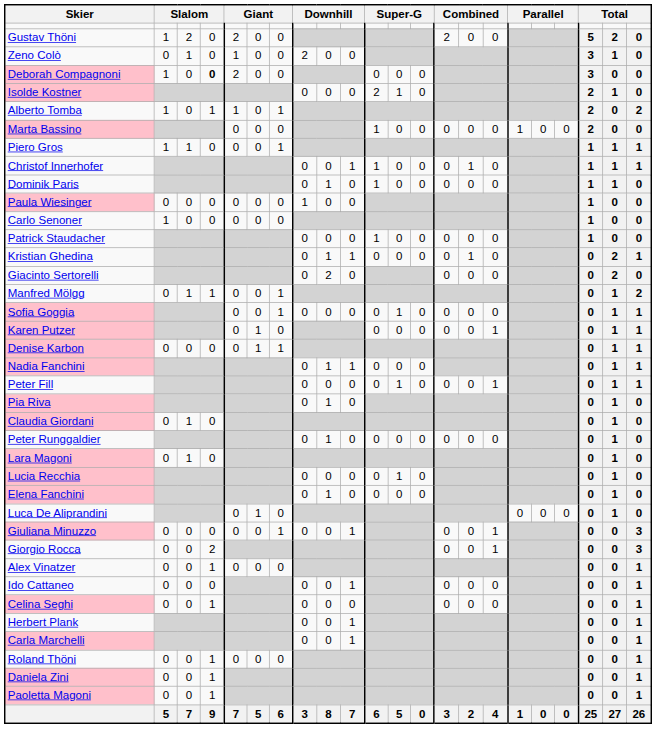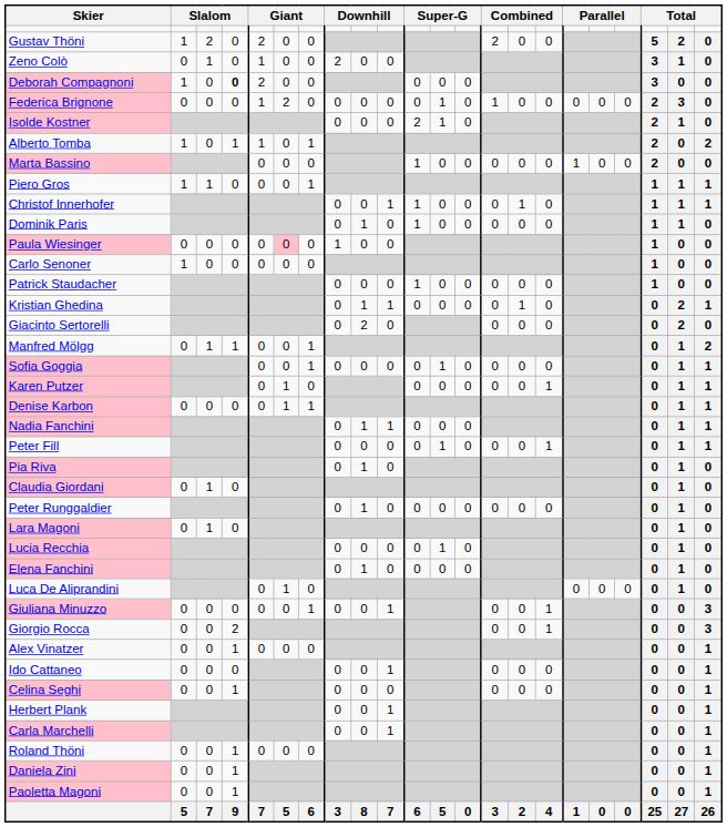 <table class="wikitable sortable" width=900px style="font-size:100%; text-align:center; border: 2px solid black">
 <tr>
 <th width=200px>Skier</th>
 <th colspan=3 width=100px>Slalom</th>
 <th colspan=3 width=100px>Giant</th>
 <th colspan=3 width=100px>Downhill</th>
 <th colspan=3 width=100px>Super-G</th>
 <th colspan=3 width=100px>Combined</th>
 <th colspan=3 width=100px>Parallel</th>
 <th colspan=3 width=100px>Total</th>
 </tr>
 <tr>
 <td></td>
 <td></td>
 <td></td>
 <td style="border-right: 2px solid black;"></td>
 <td></td>
 <td></td>
 <td style="border-right: 2px solid black;"></td>
 <td></td>
 <td></td>
 <td style="border-right: 2px solid black;"></td>
 <td></td>
 <td></td>
 <td style="border-right: 2px solid black;"></td>
 <td></td>
 <td></td>
 <td style="border-right: 2px solid black;"></td>
 <td></td>
 <td></td>
 <td style="border-right: 2px solid black;"></td>
 <td></td>
 <td></td>
 <td></td>
 </tr>
 <tr>
 <td align=left><a href='#'>Gustav Thöni</a></td>
 <td>1</td>
 <td>2</td>
 <td style="border-right: 2px solid black">0</td>
 <td>2</td>
 <td>0</td>
 <td style="border-right: 2px solid black">0</td>
 <td colspan=3 bgcolor=lightgrey style="border-right: 2px solid black"></td>
 <td colspan=3 bgcolor=lightgrey style="border-right: 2px solid black"></td>
 <td>2</td>
 <td>0</td>
 <td style="border-right: 2px solid black">0</td>
 <td colspan=3 bgcolor=lightgrey style="border-right: 2px solid black"></td>
 <th>5</th>
 <th>2</th>
 <th>0</th>
 </tr>
 <tr>
 <td align=left><a href='#'>Zeno Colò</a></td>
 <td>0</td>
 <td>1</td>
 <td style="border-right: 2px solid black">0</td>
 <td>1</td>
 <td>0</td>
 <td style="border-right: 2px solid black">0</td>
 <td>2</td>
 <td>0</td>
 <td style="border-right: 2px solid black">0</td>
 <td colspan=3 bgcolor=lightgrey style="border-right: 2px solid black"></td>
 <td colspan=3 bgcolor=lightgrey style="border-right: 2px solid black"></td>
 <td colspan=3 bgcolor=lightgrey style="border-right: 2px solid black"></td>
 <th>3</th>
 <th>1</th>
 <th>0</th>
 </tr>
 <tr>
 <td align=left bgcolor=pink><a href='#'>Deborah Compagnoni</a></td>
 <td>1</td>
 <td>0</td>
 <td style="border-right: 2px solid black"><strong>0</strong></td>
 <td>2</td>
 <td>0</td>
 <td style="border-right: 2px solid black">0</td>
 <td colspan=3 bgcolor=lightgrey style="border-right: 2px solid black"></td>
 <td>0</td>
 <td>0</td>
 <td style="border-right: 2px solid black">0</td>
 <td colspan=3 bgcolor=lightgrey style="border-right: 2px solid black"></td>
 <td colspan=3 bgcolor=lightgrey style="border-right: 2px solid black"></td>
 <th>3</th>
 <th>0</th>
+<th>0</th>
+</tr>
+<tr>
+<td align=left bgcolor=pink><a href='#'>Federica Brignone</a></td>
+<td>0</td>
+<td>0</td>
+<td style="border-right: 2px solid black">0</td>
+<td>1</td>
+<td>2</td>
+<td style="border-right: 2px solid black">0</td>
+<td>0</td>
+<td>0</td>
+<td style="border-right: 2px solid black">0</td>
+<td>0</td>
+<td>1</td>
+<td style="border-right: 2px solid black">0</td>
+<td>1</td>
+<td>0</td>
+<td style="border-right: 2px solid black">0</td>
+<td>0</td>
+<td>0</td>
+<td style="border-right: 2px solid black">0</td>
+<th>2</th>
+<th>3</th>
 <th>0</th>
 </tr>
 <tr>
 <td align=left bgcolor=pink><a href='#'>Isolde Kostner</a></td>
 <td colspan=3 bgcolor=lightgrey style="border-right: 2px solid black"></td>
 <td colspan=3 bgcolor=lightgrey style="border-right: 2px solid black"></td>
 <td>0</td>
 <td>0</td>
 <td style="border-right: 2px solid black">0</td>
 <td>2</td>
 <td>1</td>
 <td style="border-right: 2px solid black">0</td>
 <td colspan=3 bgcolor=lightgrey style="border-right: 2px solid black"></td>
 <td colspan=3 bgcolor=lightgrey style="border-right: 2px solid black"></td>
 <th>2</th>
 <th>1</th>
 <th>0</th>
 </tr>
 <tr>
 <td align=left><a href='#'>Alberto Tomba</a></td>
 <td>1</td>
 <td>0</td>
 <td style="border-right: 2px solid black">1</td>
 <td>1</td>
 <td>0</td>
 <td style="border-right: 2px solid black">1</td>
 <td colspan=3 bgcolor=lightgrey style="border-right: 2px solid black"></td>
 <td colspan=3 bgcolor=lightgrey style="border-right: 2px solid black"></td>
 <td colspan=3 bgcolor=lightgrey style="border-right: 2px solid black"></td>
 <td colspan=3 bgcolor=lightgrey style="border-right: 2px solid black"></td>
 <th>2</th>
 <th>0</th>
 <th>2</th>
 </tr>
 <tr>
 <td align=left bgcolor=pink><a href='#'>Marta Bassino</a></td>
 <td colspan=3 bgcolor=lightgrey style="border-right: 2px solid black"></td>
 <td>0</td>
 <td>0</td>
 <td style="border-right: 2px solid black">0</td>
 <td colspan=3 bgcolor=lightgrey style="border-right: 2px solid black"></td>
 <td>1</td>
 <td>0</td>
 <td style="border-right: 2px solid black">0</td>
 <td>0</td>
 <td>0</td>
 <td style="border-right: 2px solid black">0</td>
 <td>1</td>
 <td>0</td>
 <td style="border-right: 2px solid black">0</td>
 <th>2</th>
 <th>0</th>
 <th>0</th>
 </tr>
 <tr>
 <td align=left><a href='#'>Piero Gros</a></td>
 <td>1</td>
 <td>1</td>
 <td style="border-right: 2px solid black">0</td>
 <td>0</td>
 <td>0</td>
 <td style="border-right: 2px solid black">1</td>
 <td colspan=3 bgcolor=lightgrey style="border-right: 2px solid black"></td>
 <td colspan=3 bgcolor=lightgrey style="border-right: 2px solid black"></td>
 <td colspan=3 bgcolor=lightgrey style="border-right: 2px solid black"></td>
 <td colspan=3 bgcolor=lightgrey style="border-right: 2px solid black"></td>
 <th>1</th>
 <th>1</th>
 <th>1</th>
 </tr>
 <tr>
 <td align=left><a href='#'>Christof Innerhofer</a></td>
 <td colspan=3 bgcolor=lightgrey style="border-right: 2px solid black"></td>
 <td colspan=3 bgcolor=lightgrey style="border-right: 2px solid black"></td>
 <td>0</td>
 <td>0</td>
 <td style="border-right: 2px solid black">1</td>
 <td>1</td>
 <td>0</td>
 <td style="border-right: 2px solid black">0</td>
 <td>0</td>
 <td>1</td>
 <td style="border-right: 2px solid black">0</td>
 <td colspan=3 bgcolor=lightgrey style="border-right: 2px solid black"></td>
 <th>1</th>
 <th>1</th>
 <th>1</th>
 </tr>
 <tr>
 <td align="left"><a href='#'>Dominik Paris</a></td>
 <td colspan="3" bgcolor="lightgrey" style="border-right: 2px solid black"></td>
 <td colspan="3" bgcolor="lightgrey" style="border-right: 2px solid black"></td>
 <td>0</td>
 <td>1</td>
 <td style="border-right: 2px solid black">0</td>
 <td>1</td>
 <td>0</td>
 <td style="border-right: 2px solid black">0</td>
 <td>0</td>
 <td>0</td>
 <td style="border-right: 2px solid black">0</td>
 <td colspan=3 bgcolor=lightgrey style="border-right: 2px solid black"></td>
 <th>1</th>
 <th>1</th>
 <th>0</th>
 </tr>
 <tr>
 <td align=left bgcolor=pink><a href='#'>Paula Wiesinger</a></td>
 <td>0</td>
 <td>0</td>
 <td style="border-right: 2px solid black">0</td>
 <td>0</td>
-<td>0</td>
+<td style="background: pink;">0</td>
 <td style="border-right: 2px solid black">0</td>
 <td>1</td>
 <td>0</td>
 <td style="border-right: 2px solid black">0</td>
 <td colspan=3 bgcolor=lightgrey style="border-right: 2px solid black"></td>
 <td colspan=3 bgcolor=lightgrey style="border-right: 2px solid black"></td>
 <td colspan=3 bgcolor=lightgrey style="border-right: 2px solid black"></td>
 <th>1</th>
 <th>0</th>
 <th>0</th>
 </tr>
 <tr>
 <td align=left><a href='#'>Carlo Senoner</a></td>
 <td>1</td>
 <td>0</td>
 <td style="border-right: 2px solid black">0</td>
 <td>0</td>
 <td>0</td>
 <td style="border-right: 2px solid black">0</td>
 <td colspan=3 bgcolor=lightgrey style="border-right: 2px solid black"></td>
 <td colspan=3 bgcolor=lightgrey style="border-right: 2px solid black"></td>
 <td colspan=3 bgcolor=lightgrey style="border-right: 2px solid black"></td>
 <td colspan=3 bgcolor=lightgrey style="border-right: 2px solid black"></td>
 <th>1</th>
 <th>0</th>
 <th>0</th>
 </tr>
 <tr>
 <td align=left><a href='#'>Patrick Staudacher</a></td>
 <td colspan=3 bgcolor=lightgrey style="border-right: 2px solid black"></td>
 <td colspan=3 bgcolor=lightgrey style="border-right: 2px solid black"></td>
 <td>0</td>
 <td>0</td>
 <td style="border-right: 2px solid black">0</td>
 <td>1</td>
 <td>0</td>
 <td style="border-right: 2px solid black">0</td>
 <td>0</td>
 <td>0</td>
 <td style="border-right: 2px solid black">0</td>
 <td colspan=3 bgcolor=lightgrey style="border-right: 2px solid black"></td>
 <th>1</th>
 <th>0</th>
 <th>0</th>
 </tr>
 <tr>
 <td align=left><a href='#'>Kristian Ghedina</a></td>
 <td colspan=3 bgcolor=lightgrey style="border-right: 2px solid black"></td>
 <td colspan=3 bgcolor=lightgrey style="border-right: 2px solid black"></td>
 <td>0</td>
 <td>1</td>
 <td style="border-right: 2px solid black">1</td>
 <td>0</td>
 <td>0</td>
 <td style="border-right: 2px solid black">0</td>
 <td>0</td>
 <td>1</td>
 <td style="border-right: 2px solid black">0</td>
 <td colspan=3 bgcolor=lightgrey style="border-right: 2px solid black"></td>
 <th>0</th>
 <th>2</th>
 <th>1</th>
 </tr>
 <tr>
 <td align=left><a href='#'>Giacinto Sertorelli</a></td>
 <td colspan=3 bgcolor=lightgrey style="border-right: 2px solid black"></td>
 <td colspan=3 bgcolor=lightgrey style="border-right: 2px solid black"></td>
 <td>0</td>
 <td>2</td>
 <td style="border-right: 2px solid black">0</td>
 <td colspan=3 bgcolor=lightgrey style="border-right: 2px solid black"></td>
 <td>0</td>
 <td>0</td>
 <td style="border-right: 2px solid black">0</td>
 <td colspan=3 bgcolor=lightgrey style="border-right: 2px solid black"></td>
 <th>0</th>
 <th>2</th>
 <th>0</th>
 </tr>
 <tr>
 <td align=left><a href='#'>Manfred Mölgg</a></td>
 <td>0</td>
 <td>1</td>
 <td style="border-right: 2px solid black">1</td>
 <td>0</td>
 <td>0</td>
 <td style="border-right: 2px solid black">1</td>
 <td colspan=3 bgcolor=lightgrey style="border-right: 2px solid black"></td>
 <td colspan=3 bgcolor=lightgrey style="border-right: 2px solid black"></td>
 <td colspan=3 bgcolor=lightgrey style="border-right: 2px solid black"></td>
 <td colspan=3 bgcolor=lightgrey style="border-right: 2px solid black"></td>
 <th>0</th>
 <th>1</th>
 <th>2</th>
 </tr>
 <tr>
 <td align=left bgcolor=pink><a href='#'>Sofia Goggia</a></td>
 <td colspan=3 bgcolor=lightgrey style="border-right: 2px solid black"></td>
 <td>0</td>
 <td>0</td>
 <td style="border-right: 2px solid black">1</td>
 <td>0</td>
 <td>0</td>
 <td style="border-right: 2px solid black">0</td>
 <td>0</td>
 <td>1</td>
 <td style="border-right: 2px solid black">0</td>
 <td>0</td>
 <td>0</td>
 <td style="border-right: 2px solid black">0</td>
 <td colspan=3 bgcolor=lightgrey style="border-right: 2px solid black"></td>
 <th>0</th>
 <th>1</th>
 <th>1</th>
 </tr>
 <tr>
 <td align=left bgcolor=pink><a href='#'>Karen Putzer</a></td>
 <td colspan=3 bgcolor=lightgrey style="border-right: 2px solid black"></td>
 <td>0</td>
 <td>1</td>
 <td style="border-right: 2px solid black">0</td>
 <td colspan=3 bgcolor=lightgrey style="border-right: 2px solid black"></td>
 <td>0</td>
 <td>0</td>
 <td style="border-right: 2px solid black">0</td>
 <td>0</td>
 <td>0</td>
 <td style="border-right: 2px solid black">1</td>
 <td colspan=3 bgcolor=lightgrey style="border-right: 2px solid black"></td>
 <th>0</th>
 <th>1</th>
 <th>1</th>
 </tr>
 <tr>
 <td align=left bgcolor=pink><a href='#'>Denise Karbon</a></td>
 <td>0</td>
 <td>0</td>
 <td style="border-right: 2px solid black">0</td>
 <td>0</td>
 <td>1</td>
 <td style="border-right: 2px solid black">1</td>
 <td colspan=3 bgcolor=lightgrey style="border-right: 2px solid black"></td>
 <td colspan=3 bgcolor=lightgrey style="border-right: 2px solid black"></td>
 <td colspan=3 bgcolor=lightgrey style="border-right: 2px solid black"></td>
 <td colspan=3 bgcolor=lightgrey style="border-right: 2px solid black"></td>
 <th>0</th>
 <th>1</th>
 <th>1</th>
 </tr>
 <tr>
 <td align=left bgcolor=pink><a href='#'>Nadia Fanchini</a></td>
 <td colspan=3 bgcolor=lightgrey style="border-right: 2px solid black"></td>
 <td colspan=3 bgcolor=lightgrey style="border-right: 2px solid black"></td>
 <td>0</td>
 <td>1</td>
 <td style="border-right: 2px solid black">1</td>
 <td>0</td>
 <td>0</td>
 <td style="border-right: 2px solid black">0</td>
 <td colspan=3 bgcolor=lightgrey style="border-right: 2px solid black"></td>
 <td colspan=3 bgcolor=lightgrey style="border-right: 2px solid black"></td>
 <th>0</th>
 <th>1</th>
 <th>1</th>
 </tr>
 <tr>
 <td align=left><a href='#'>Peter Fill</a></td>
 <td colspan=3 bgcolor=lightgrey style="border-right: 2px solid black"></td>
 <td colspan=3 bgcolor=lightgrey style="border-right: 2px solid black"></td>
 <td>0</td>
 <td>0</td>
 <td style="border-right: 2px solid black">0</td>
 <td>0</td>
 <td>1</td>
 <td style="border-right: 2px solid black">0</td>
 <td>0</td>
 <td>0</td>
 <td style="border-right: 2px solid black">1</td>
 <td colspan=3 bgcolor=lightgrey style="border-right: 2px solid black"></td>
 <th>0</th>
 <th>1</th>
 <th>1</th>
 </tr>
 <tr>
 <td align=left bgcolor=pink><a href='#'>Pia Riva</a></td>
 <td colspan=3 bgcolor=lightgrey style="border-right: 2px solid black"></td>
 <td colspan=3 bgcolor=lightgrey style="border-right: 2px solid black"></td>
 <td>0</td>
 <td>1</td>
 <td style="border-right: 2px solid black">0</td>
 <td colspan=3 bgcolor=lightgrey style="border-right: 2px solid black"></td>
 <td colspan=3 bgcolor=lightgrey style="border-right: 2px solid black"></td>
 <td colspan=3 bgcolor=lightgrey style="border-right: 2px solid black"></td>
 <th>0</th>
 <th>1</th>
 <th>0</th>
 </tr>
 <tr>
 <td align=left bgcolor=pink><a href='#'>Claudia Giordani</a></td>
 <td>0</td>
 <td>1</td>
 <td style="border-right: 2px solid black">0</td>
 <td colspan=3 bgcolor=lightgrey style="border-right: 2px solid black"></td>
 <td colspan=3 bgcolor=lightgrey style="border-right: 2px solid black"></td>
 <td colspan=3 bgcolor=lightgrey style="border-right: 2px solid black"></td>
 <td colspan=3 bgcolor=lightgrey style="border-right: 2px solid black"></td>
 <td colspan=3 bgcolor=lightgrey style="border-right: 2px solid black"></td>
 <th>0</th>
 <th>1</th>
 <th>0</th>
 </tr>
 <tr>
 <td align=left><a href='#'>Peter Runggaldier</a></td>
 <td colspan=3 bgcolor=lightgrey style="border-right: 2px solid black"></td>
 <td colspan=3 bgcolor=lightgrey style="border-right: 2px solid black"></td>
 <td>0</td>
 <td>1</td>
 <td style="border-right: 2px solid black">0</td>
 <td>0</td>
 <td>0</td>
 <td style="border-right: 2px solid black">0</td>
 <td>0</td>
 <td>0</td>
 <td style="border-right: 2px solid black">0</td>
 <td colspan=3 bgcolor=lightgrey style="border-right: 2px solid black"></td>
 <th>0</th>
 <th>1</th>
 <th>0</th>
 </tr>
 <tr>
 <td align=left bgcolor=pink><a href='#'>Lara Magoni</a></td>
 <td>0</td>
 <td>1</td>
 <td style="border-right: 2px solid black">0</td>
 <td colspan=3 bgcolor=lightgrey style="border-right: 2px solid black"></td>
 <td colspan=3 bgcolor=lightgrey style="border-right: 2px solid black"></td>
 <td colspan=3 bgcolor=lightgrey style="border-right: 2px solid black"></td>
 <td colspan=3 bgcolor=lightgrey style="border-right: 2px solid black"></td>
 <td colspan=3 bgcolor=lightgrey style="border-right: 2px solid black"></td>
 <th>0</th>
 <th>1</th>
 <th>0</th>
 </tr>
 <tr>
 <td align=left bgcolor=pink><a href='#'>Lucia Recchia</a></td>
 <td colspan=3 bgcolor=lightgrey style="border-right: 2px solid black"></td>
 <td colspan=3 bgcolor=lightgrey style="border-right: 2px solid black"></td>
 <td>0</td>
 <td>0</td>
 <td style="border-right: 2px solid black">0</td>
 <td>0</td>
 <td>1</td>
 <td style="border-right: 2px solid black">0</td>
 <td colspan=3 bgcolor=lightgrey style="border-right: 2px solid black"></td>
 <td colspan=3 bgcolor=lightgrey style="border-right: 2px solid black"></td>
 <th>0</th>
 <th>1</th>
 <th>0</th>
 </tr>
 <tr>
 <td align=left bgcolor=pink><a href='#'>Elena Fanchini</a></td>
 <td colspan=3 bgcolor=lightgrey style="border-right: 2px solid black"></td>
 <td colspan=3 bgcolor=lightgrey style="border-right: 2px solid black"></td>
 <td>0</td>
 <td>1</td>
 <td style="border-right: 2px solid black">0</td>
 <td>0</td>
 <td>0</td>
 <td style="border-right: 2px solid black">0</td>
 <td colspan=3 bgcolor=lightgrey style="border-right: 2px solid black"></td>
 <td colspan=3 bgcolor=lightgrey style="border-right: 2px solid black"></td>
 <th>0</th>
 <th>1</th>
 <th>0</th>
 </tr>
 <tr>
 <td align=left><a href='#'>Luca De Aliprandini</a></td>
 <td colspan=3 bgcolor=lightgrey style="border-right: 2px solid black"></td>
 <td>0</td>
 <td>1</td>
 <td style="border-right: 2px solid black">0</td>
 <td colspan=3 bgcolor=lightgrey style="border-right: 2px solid black"></td>
 <td colspan=3 bgcolor=lightgrey style="border-right: 2px solid black"></td>
 <td colspan=3 bgcolor=lightgrey style="border-right: 2px solid black"></td>
 <td>0</td>
 <td>0</td>
 <td style="border-right: 2px solid black">0</td>
 <th>0</th>
 <th>1</th>
 <th>0</th>
 </tr>
 <tr>
 <td align=left bgcolor=pink><a href='#'>Giuliana Minuzzo</a></td>
 <td>0</td>
 <td>0</td>
 <td style="border-right: 2px solid black">0</td>
 <td>0</td>
 <td>0</td>
 <td style="border-right: 2px solid black">1</td>
 <td>0</td>
 <td>0</td>
 <td style="border-right: 2px solid black">1</td>
 <td colspan=3 bgcolor=lightgrey style="border-right: 2px solid black"></td>
 <td>0</td>
 <td>0</td>
 <td style="border-right: 2px solid black">1</td>
 <td colspan=3 bgcolor=lightgrey style="border-right: 2px solid black"></td>
 <th>0</th>
 <th>0</th>
 <th>3</th>
 </tr>
 <tr>
 <td align=left><a href='#'>Giorgio Rocca</a></td>
 <td>0</td>
 <td>0</td>
 <td style="border-right: 2px solid black">2</td>
 <td colspan=3 bgcolor=lightgrey style="border-right: 2px solid black"></td>
 <td colspan=3 bgcolor=lightgrey style="border-right: 2px solid black"></td>
 <td colspan=3 bgcolor=lightgrey style="border-right: 2px solid black"></td>
 <td>0</td>
 <td>0</td>
 <td style="border-right: 2px solid black">1</td>
 <td colspan=3 bgcolor=lightgrey style="border-right: 2px solid black"></td>
 <th>0</th>
 <th>0</th>
 <th>3</th>
 </tr>
 <tr>
 <td align=left><a href='#'>Alex Vinatzer</a></td>
 <td>0</td>
 <td>0</td>
 <td style="border-right: 2px solid black">1</td>
 <td>0</td>
 <td>0</td>
 <td style="border-right: 2px solid black">0</td>
 <td colspan=3 bgcolor=lightgrey style="border-right: 2px solid black"></td>
 <td colspan=3 bgcolor=lightgrey style="border-right: 2px solid black"></td>
 <td colspan=3 bgcolor=lightgrey style="border-right: 2px solid black"></td>
 <td colspan=3 bgcolor=lightgrey style="border-right: 2px solid black"></td>
 <th>0</th>
 <th>0</th>
 <th>1</th>
 </tr>
 <tr>
 <td align=left><a href='#'>Ido Cattaneo</a></td>
 <td>0</td>
 <td>0</td>
 <td style="border-right: 2px solid black">0</td>
 <td colspan=3 bgcolor=lightgrey style="border-right: 2px solid black"></td>
 <td>0</td>
 <td>0</td>
 <td style="border-right: 2px solid black">1</td>
 <td colspan=3 bgcolor=lightgrey style="border-right: 2px solid black"></td>
 <td>0</td>
 <td>0</td>
 <td style="border-right: 2px solid black">0</td>
 <td colspan=3 bgcolor=lightgrey style="border-right: 2px solid black"></td>
 <th>0</th>
 <th>0</th>
 <th>1</th>
 </tr>
 <tr>
 <td align=left bgcolor=pink><a href='#'>Celina Seghi</a></td>
 <td>0</td>
 <td>0</td>
 <td style="border-right: 2px solid black">1</td>
 <td colspan=3 bgcolor=lightgrey style="border-right: 2px solid black"></td>
 <td>0</td>
 <td>0</td>
 <td style="border-right: 2px solid black">0</td>
 <td colspan=3 bgcolor=lightgrey style="border-right: 2px solid black"></td>
 <td>0</td>
 <td>0</td>
 <td style="border-right: 2px solid black">0</td>
 <td colspan=3 bgcolor=lightgrey style="border-right: 2px solid black"></td>
 <th>0</th>
 <th>0</th>
 <th>1</th>
 </tr>
 <tr>
 <td align=left><a href='#'>Herbert Plank</a></td>
 <td colspan=3 bgcolor=lightgrey style="border-right: 2px solid black"></td>
 <td colspan=3 bgcolor=lightgrey style="border-right: 2px solid black"></td>
 <td>0</td>
 <td>0</td>
 <td style="border-right: 2px solid black">1</td>
 <td colspan=3 bgcolor=lightgrey style="border-right: 2px solid black"></td>
 <td colspan=3 bgcolor=lightgrey style="border-right: 2px solid black"></td>
 <td colspan=3 bgcolor=lightgrey style="border-right: 2px solid black"></td>
 <th>0</th>
 <th>0</th>
 <th>1</th>
 </tr>
 <tr>
 <td align=left bgcolor=pink><a href='#'>Carla Marchelli</a></td>
 <td colspan=3 bgcolor=lightgrey style="border-right: 2px solid black"></td>
 <td colspan=3 bgcolor=lightgrey style="border-right: 2px solid black"></td>
 <td>0</td>
 <td>0</td>
 <td style="border-right: 2px solid black">1</td>
 <td colspan=3 bgcolor=lightgrey style="border-right: 2px solid black"></td>
 <td colspan=3 bgcolor=lightgrey style="border-right: 2px solid black"></td>
 <td colspan=3 bgcolor=lightgrey style="border-right: 2px solid black"></td>
 <th>0</th>
 <th>0</th>
 <th>1</th>
 </tr>
 <tr>
 <td align=left><a href='#'>Roland Thöni</a></td>
 <td>0</td>
 <td>0</td>
 <td style="border-right: 2px solid black">1</td>
 <td>0</td>
 <td>0</td>
 <td style="border-right: 2px solid black">0</td>
 <td colspan=3 bgcolor=lightgrey style="border-right: 2px solid black"></td>
 <td colspan=3 bgcolor=lightgrey style="border-right: 2px solid black"></td>
 <td colspan=3 bgcolor=lightgrey style="border-right: 2px solid black"></td>
 <td colspan=3 bgcolor=lightgrey style="border-right: 2px solid black"></td>
 <th>0</th>
 <th>0</th>
 <th>1</th>
 </tr>
 <tr>
 <td align=left bgcolor=pink><a href='#'>Daniela Zini</a></td>
 <td>0</td>
 <td>0</td>
 <td style="border-right: 2px solid black">1</td>
 <td colspan=3 bgcolor=lightgrey style="border-right: 2px solid black"></td>
 <td colspan=3 bgcolor=lightgrey style="border-right: 2px solid black"></td>
 <td colspan=3 bgcolor=lightgrey style="border-right: 2px solid black"></td>
 <td colspan=3 bgcolor=lightgrey style="border-right: 2px solid black"></td>
 <td colspan=3 bgcolor=lightgrey style="border-right: 2px solid black"></td>
 <th>0</th>
 <th>0</th>
 <th>1</th>
 </tr>
 <tr>
 <td align=left bgcolor=pink><a href='#'>Paoletta Magoni</a></td>
 <td>0</td>
 <td>0</td>
 <td style="border-right: 2px solid black">1</td>
 <td colspan=3 bgcolor=lightgrey style="border-right: 2px solid black"></td>
 <td colspan=3 bgcolor=lightgrey style="border-right: 2px solid black"></td>
 <td colspan=3 bgcolor=lightgrey style="border-right: 2px solid black"></td>
 <td colspan=3 bgcolor=lightgrey style="border-right: 2px solid black"></td>
 <td colspan=3 bgcolor=lightgrey style="border-right: 2px solid black"></td>
 <th>0</th>
 <th>0</th>
 <th>1</th>
 </tr>
 <tr>
 <th></th>
 <th>5</th>
 <th>7</th>
 <th style="border-right: 2px solid black">9</th>
 <th>7</th>
 <th>5</th>
 <th style="border-right: 2px solid black">6</th>
 <th>3</th>
 <th>8</th>
 <th style="border-right: 2px solid black">7</th>
 <th>6</th>
 <th>5</th>
 <th style="border-right: 2px solid black">0</th>
 <th>3</th>
 <th>2</th>
 <th style="border-right: 2px solid black">4</th>
 <th>1</th>
 <th>0</th>
 <th style="border-right: 2px solid black">0</th>
 <th>25</th>
 <th>27</th>
 <th>26</th>
 </tr>
 </table>
